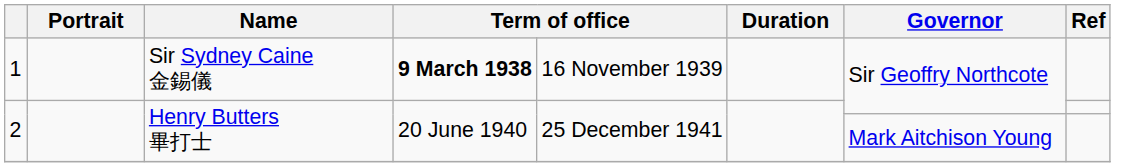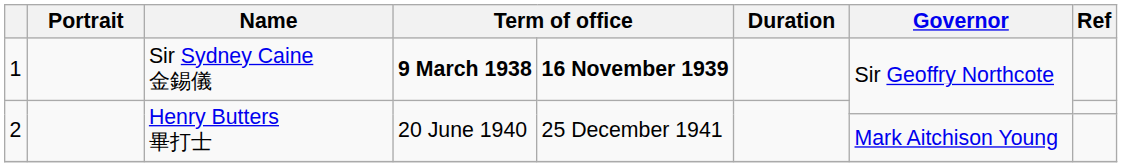 <table class="wikitable"  style="text-align:left">
 <tr>
 <th width=10px></th>
 <th width=80px>Portrait</th>
 <th width=180px>Name</th>
 <th width=180px colspan=2>Term of office</th>
 <th width=80px>Duration</th>
 <th width=160px><a href='#'>Governor</a></th>
 <th>Ref</th>
 </tr>
 <tr>
 <td>1</td>
 <td></td>
 <td>Sir <a href='#'>Sydney Caine</a><br>金錫儀</td>
 <td><strong>9 March 1938</strong></td>
-<td>16 November 1939</td>
+<td><strong>16 November 1939</strong></td>
 <td></td>
 <td rowspan=2>Sir <a href='#'>Geoffry Northcote</a><br></td>
 <td></td>
 </tr>
 <tr>
 <td rowspan=2>2</td>
 <td rowspan=2></td>
 <td rowspan=2><a href='#'>Henry Butters</a><br>畢打士</td>
 <td rowspan=2>20 June 1940</td>
 <td rowspan=2>25 December 1941</td>
 <td rowspan=2></td>
 <td></td>
 </tr>
 <tr>
 <td><a href='#'>Mark Aitchison Young</a><br></td>
 <td></td>
 </tr>
 <tr>
 </tr>
 </table>
